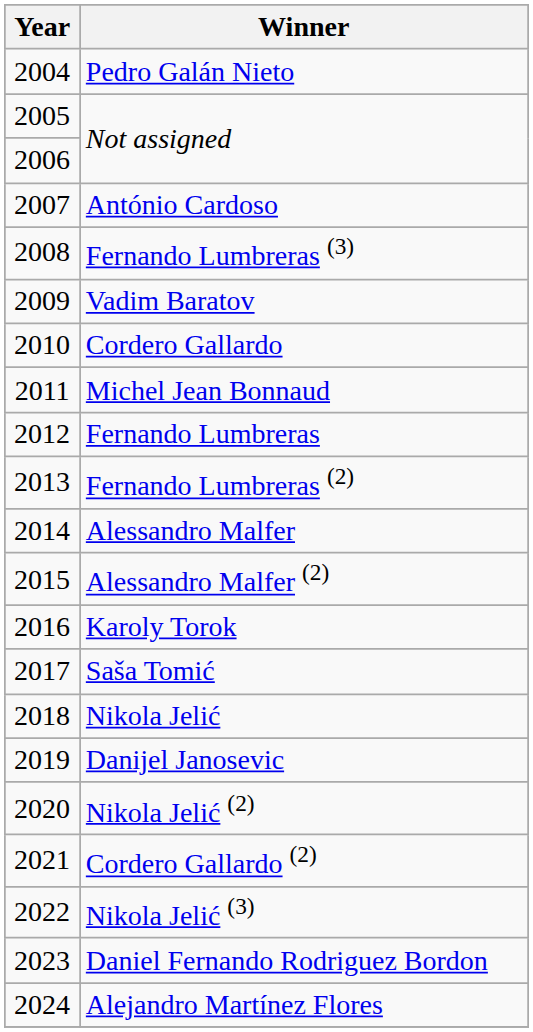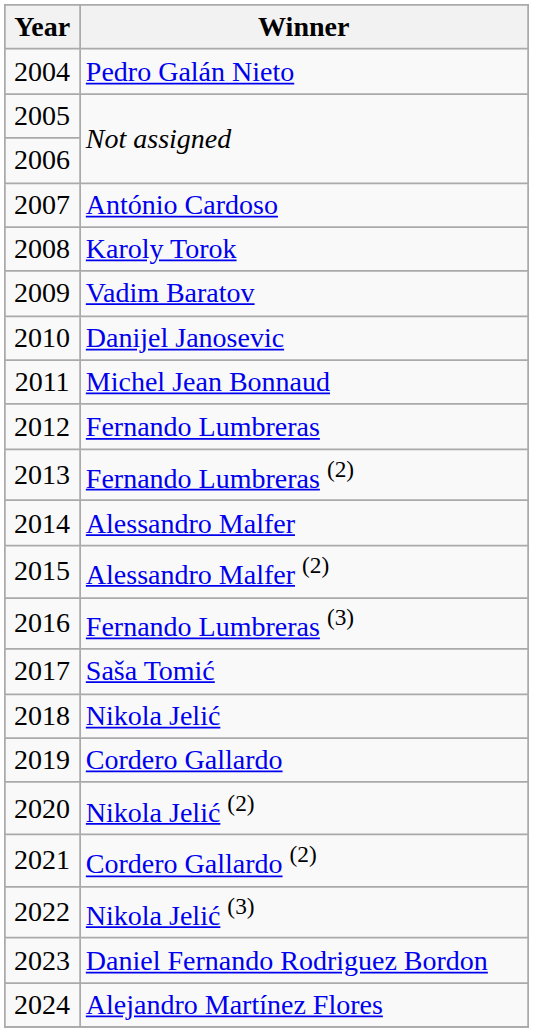 <table class="wikitable" style="width:300px;">
 <tr>
 <th>Year</th>
 <th>Winner</th>
 </tr>
 <tr>
 <td align=center>2004</td>
 <td> <a href='#'>Pedro Galán Nieto</a></td>
 </tr>
 <tr>
 <td align=center>2005</td>
 <td rowspan="2"><em>Not assigned</em></td>
 </tr>
 <tr>
 <td align=center>2006</td>
 </tr>
 <tr>
 <td align=center>2007</td>
 <td> <a href='#'>António Cardoso</a></td>
 </tr>
 <tr>
 <td align=center>2008</td>
-<td> <a href='#'>Fernando Lumbreras</a> <sup>(3)</sup></td>
+<td> <a href='#'>Karoly Torok</a></td>
 </tr>
 <tr>
 <td align=center>2009</td>
 <td> <a href='#'>Vadim Baratov</a></td>
 </tr>
 <tr>
 <td align=center>2010</td>
-<td> <a href='#'>Cordero Gallardo</a></td>
+<td> <a href='#'>Danijel Janosevic</a></td>
 </tr>
 <tr>
 <td align=center>2011</td>
 <td> <a href='#'>Michel Jean Bonnaud</a></td>
 </tr>
 <tr>
 <td align=center>2012</td>
 <td> <a href='#'>Fernando Lumbreras</a></td>
 </tr>
 <tr>
 <td align=center>2013</td>
 <td> <a href='#'>Fernando Lumbreras</a> <sup>(2)</sup></td>
 </tr>
 <tr>
 <td align=center>2014</td>
 <td> <a href='#'>Alessandro Malfer</a></td>
 </tr>
 <tr>
 <td align=center>2015</td>
 <td> <a href='#'>Alessandro Malfer</a> <sup>(2)</sup></td>
 </tr>
 <tr>
 <td align=center>2016</td>
-<td> <a href='#'>Karoly Torok</a></td>
+<td> <a href='#'>Fernando Lumbreras</a> <sup>(3)</sup></td>
 </tr>
 <tr>
 <td align=center>2017</td>
 <td> <a href='#'>Saša Tomić</a></td>
 </tr>
 <tr>
 <td align=center>2018</td>
 <td> <a href='#'>Nikola Jelić</a></td>
 </tr>
 <tr>
 <td align=center>2019</td>
-<td> <a href='#'>Danijel Janosevic</a></td>
+<td> <a href='#'>Cordero Gallardo</a></td>
 </tr>
 <tr>
 <td align=center>2020</td>
 <td> <a href='#'>Nikola Jelić</a> <sup>(2)</sup></td>
 </tr>
 <tr>
 <td align=center>2021</td>
 <td> <a href='#'>Cordero Gallardo</a> <sup>(2)</sup></td>
 </tr>
 <tr>
 <td align=center>2022</td>
 <td> <a href='#'>Nikola Jelić</a> <sup>(3)</sup></td>
 </tr>
 <tr>
 <td align=center>2023</td>
 <td> <a href='#'>Daniel Fernando Rodriguez Bordon</a></td>
 </tr>
 <tr>
 <td align=center>2024</td>
 <td> <a href='#'>Alejandro Martínez Flores</a></td>
 </tr>
 <tr>
 </tr>
 </table>
